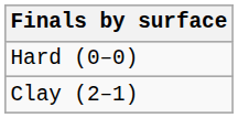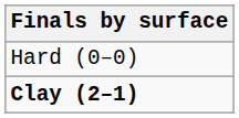 <table class=wikitable style=font-size:90%>
 <tr>
 <th>Finals by surface</th>
 </tr>
 <tr>
 <td>Hard (0–0)</td>
 </tr>
 <tr>
-<td>Clay (2–1)</td>
+<td><strong>Clay (2–1)</strong></td>
 </tr>
 </table>
